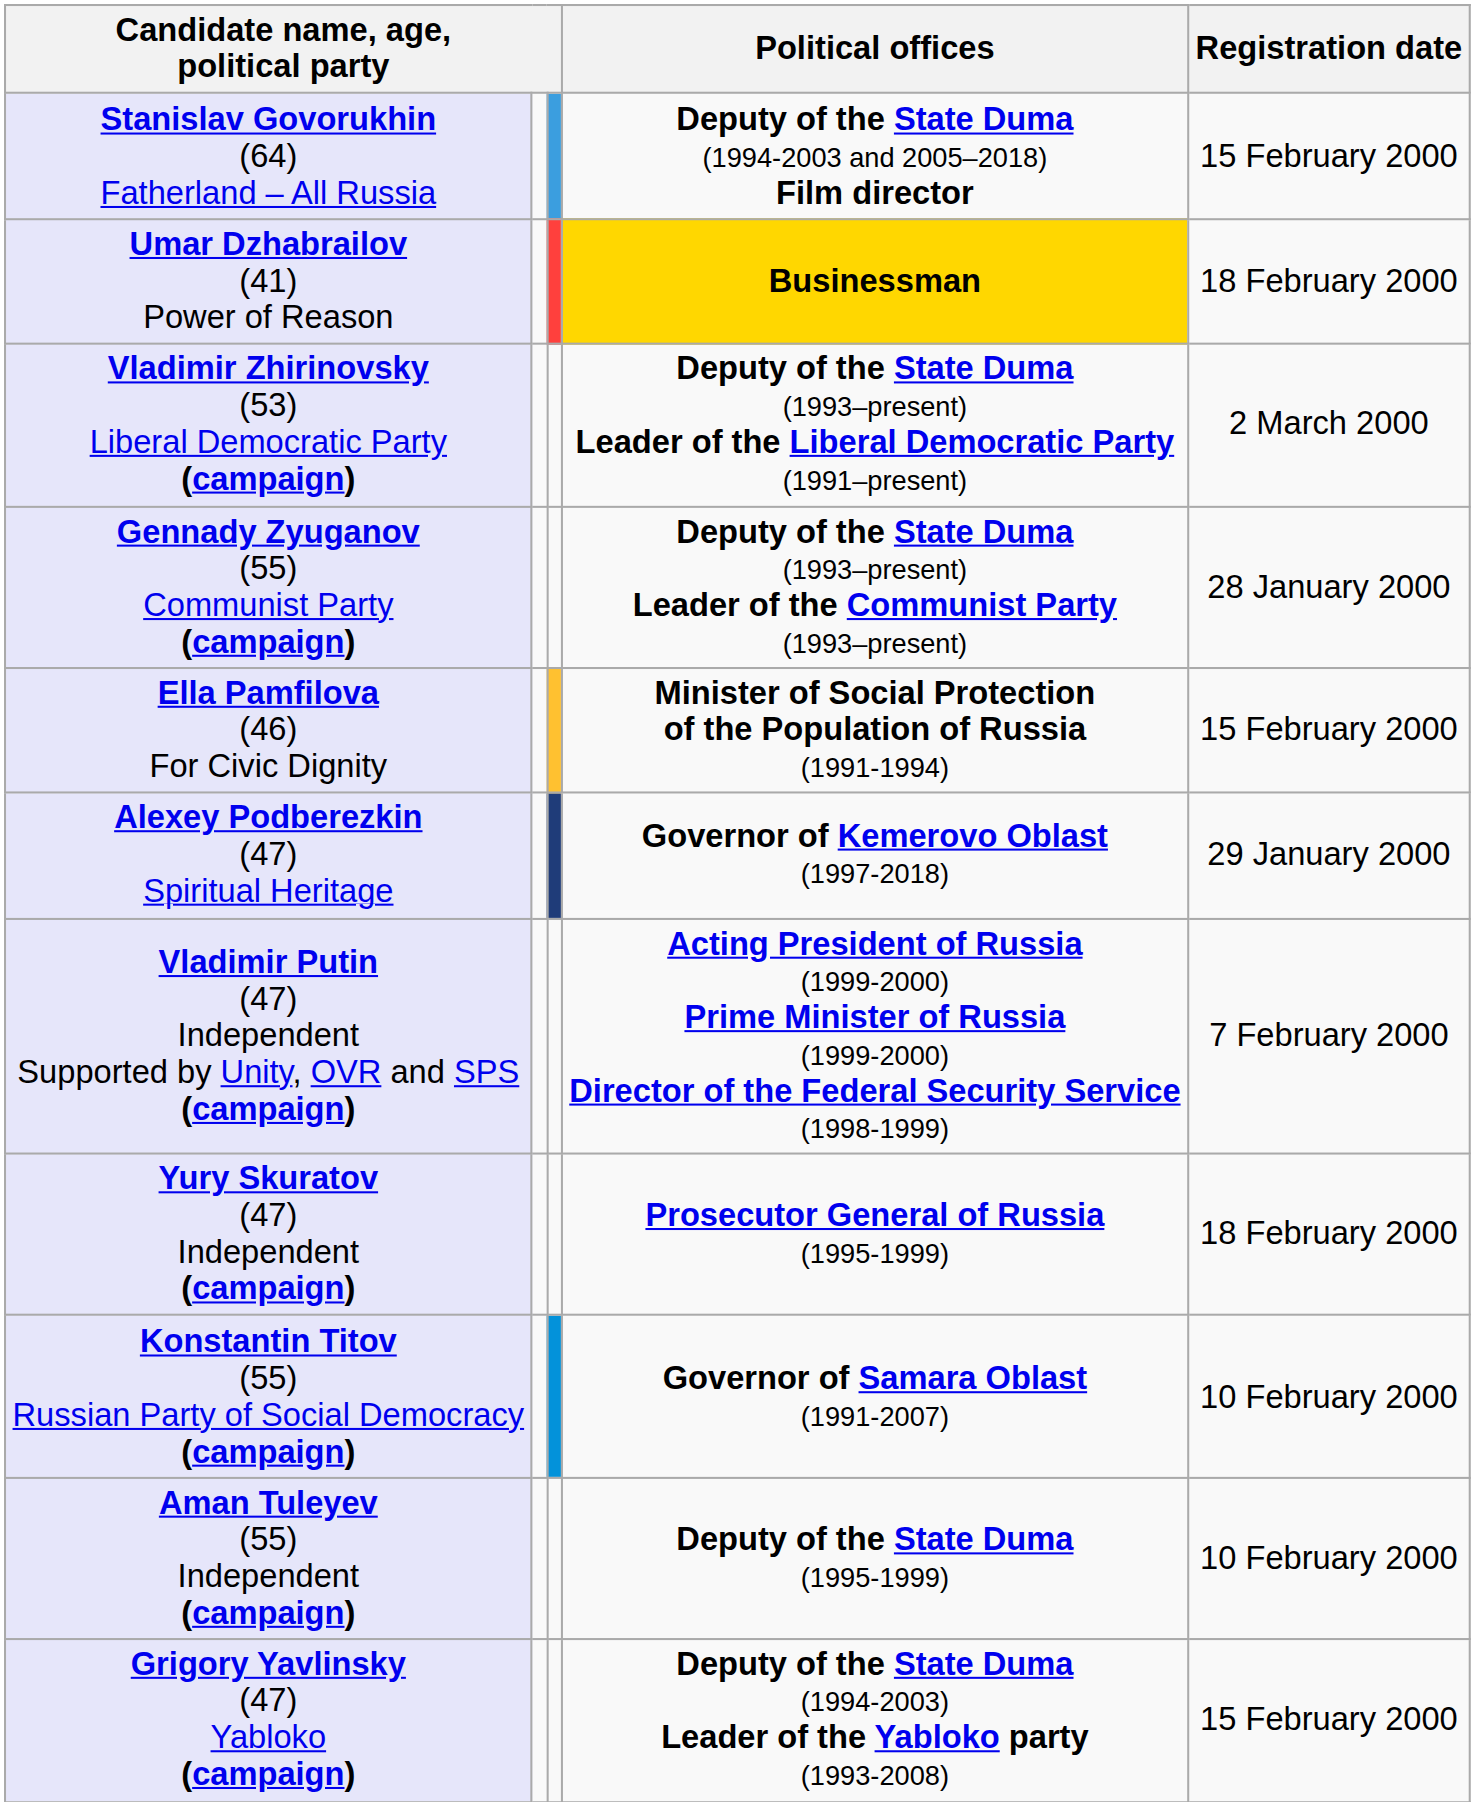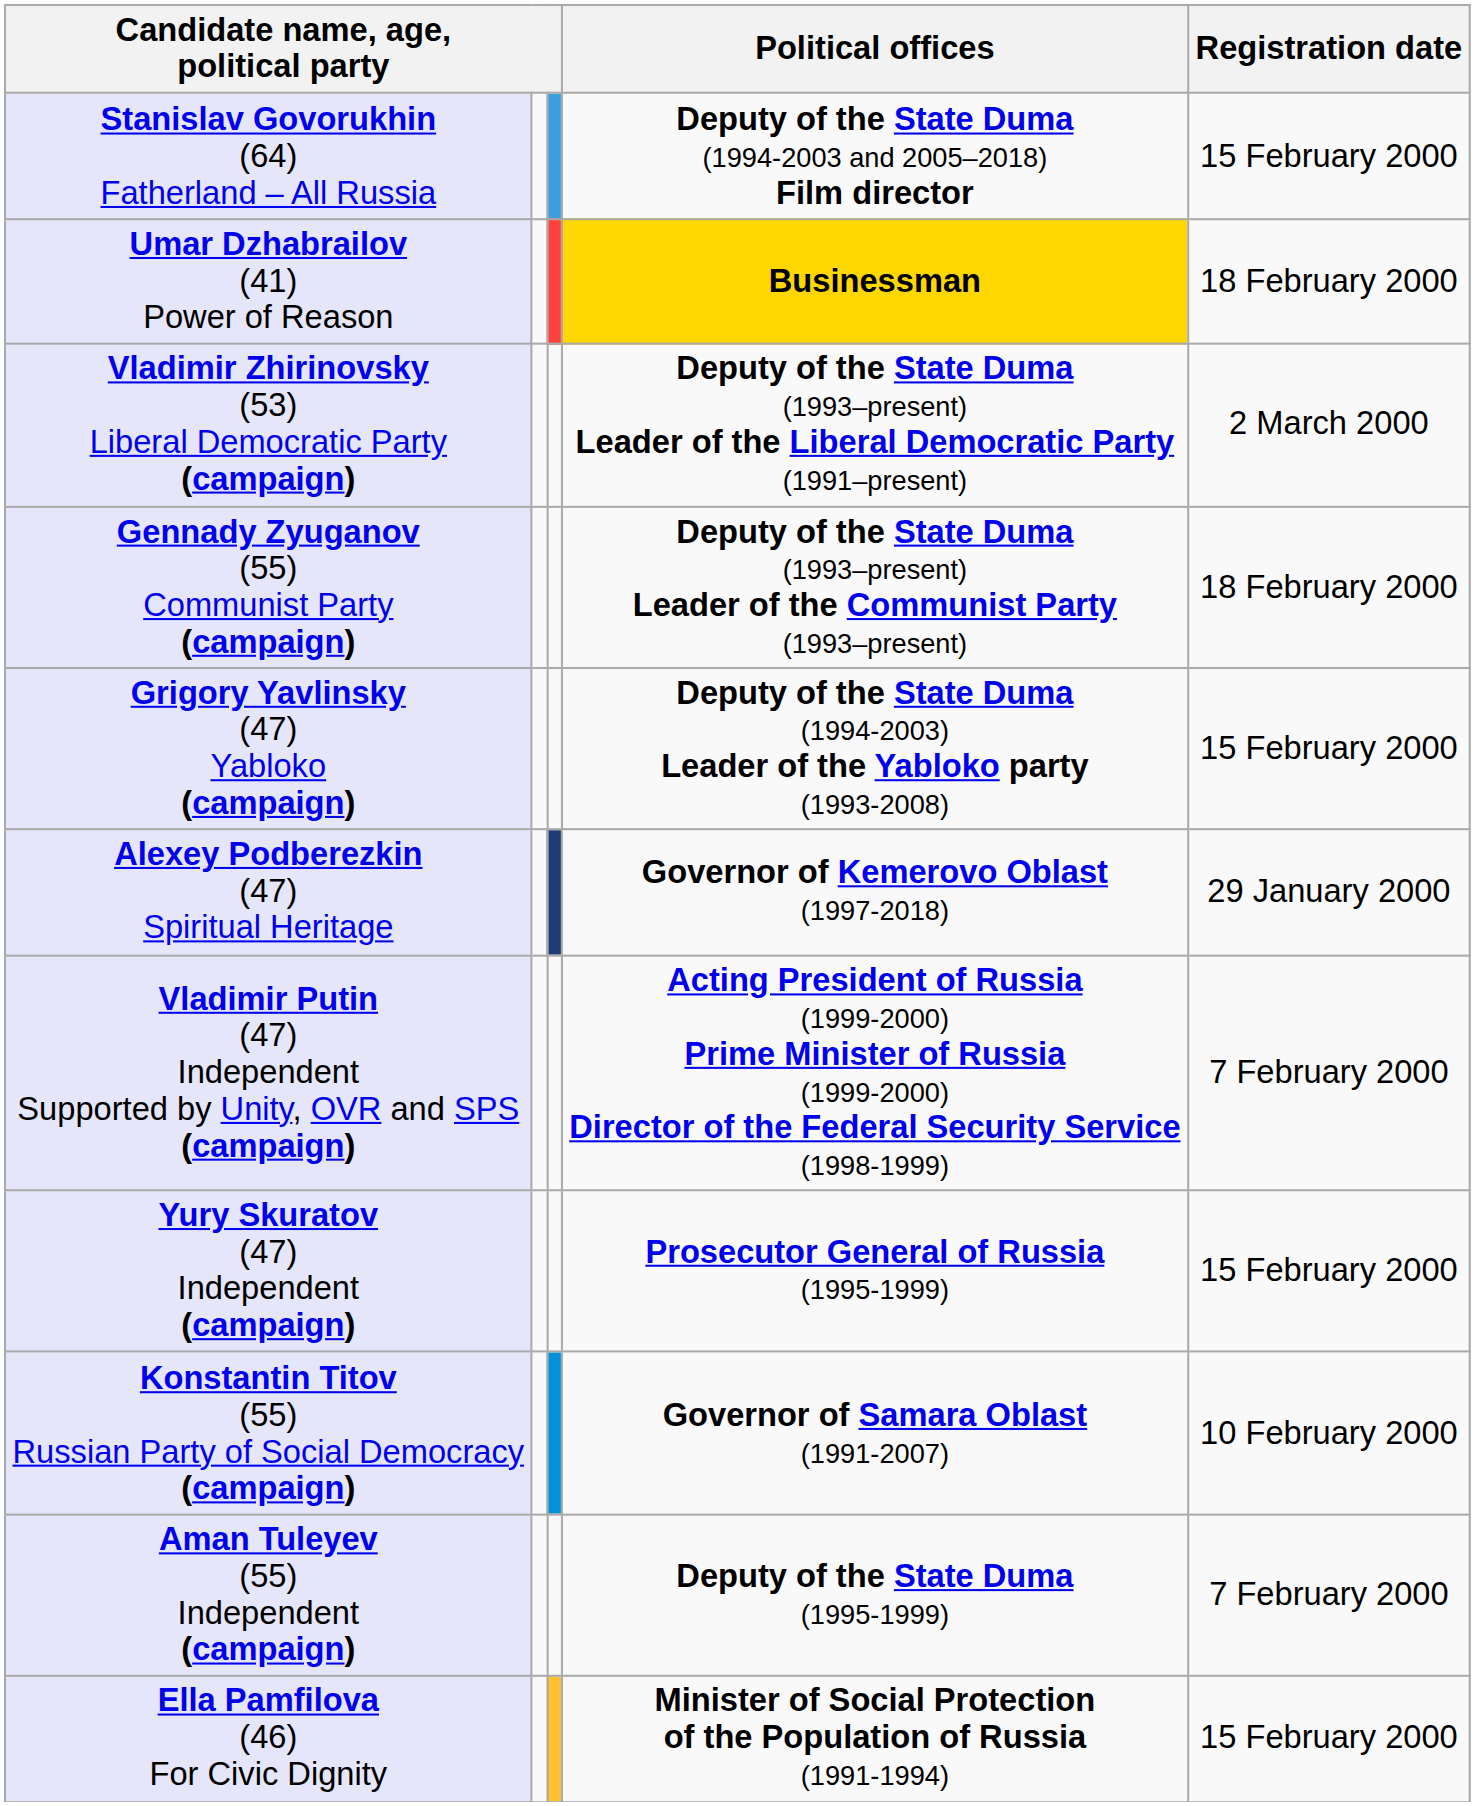 <table class="wikitable" style="text-align:center;">
 <tr>
 <th colspan="3">Candidate name, age,<br>political party</th>
 <th>Political offices</th>
 <th>Registration date</th>
 </tr>
 <tr>
 <td style="background:lavender;"><strong><a href='#'>Stanislav Govorukhin</a></strong><br>(64)<br><a href='#'>Fatherland – All Russia</a></td>
 <td></td>
 <td style="background-color:#3B9EDF;"></td>
 <td><strong>Deputy of the <a href='#'>State Duma</a></strong><br><small>(1994-2003 and 2005–2018)</small><br><strong>Film director</strong></td>
 <td>15 February 2000</td>
 </tr>
 <tr>
 <td style="background:lavender;"><strong><a href='#'>Umar Dzhabrailov</a></strong><br>(41)<br>Power of Reason</td>
 <td></td>
 <td style="background-color:#FF403D;"></td>
 <td style="background: gold;"><strong>Businessman</strong></td>
 <td>18 February 2000</td>
 </tr>
 <tr>
 <td style="background:lavender;"><strong><a href='#'>Vladimir Zhirinovsky</a></strong><br>(53)<br><a href='#'>Liberal Democratic Party</a><br><strong>(<a href='#'>campaign</a>)</strong></td>
 <td></td>
 <td style="background-color:"></td>
 <td><strong>Deputy of the <a href='#'>State Duma</a></strong><br><small>(1993–present)</small><br><strong>Leader of the <a href='#'>Liberal Democratic Party</a></strong><br><small>(1991–present)</small></td>
 <td>2 March 2000</td>
 </tr>
 <tr>
 <td style="background:lavender;"><strong><a href='#'>Gennady Zyuganov</a></strong><br>(55)<br><a href='#'>Communist Party</a><br><strong>(<a href='#'>campaign</a>)</strong></td>
 <td></td>
 <td style="background-color:"></td>
 <td><strong>Deputy of the <a href='#'>State Duma</a></strong><br><small>(1993–present)</small><br><strong>Leader of the <a href='#'>Communist Party</a></strong><br><small>(1993–present)</small></td>
-<td>28 January 2000</td>
+<td>18 February 2000</td>
 </tr>
 <tr>
-<td style="background:lavender;"><strong><a href='#'>Ella Pamfilova</a></strong><br>(46)<br>For Civic Dignity</td>
+<td style="background:lavender;"><strong><a href='#'>Grigory Yavlinsky</a></strong><br>(47)<br><a href='#'>Yabloko</a><br><strong>(<a href='#'>campaign</a>)</strong></td>
 <td></td>
-<td style="background-color:#FFC130;"></td>
-<td><strong>Minister of Social Protection<br>of the Population of Russia</strong><br><small>(1991-1994)</small></td>
+<td style="background-color:"></td>
+<td><strong>Deputy of the <a href='#'>State Duma</a></strong><br><small>(1994-2003)</small><br><strong>Leader of the <a href='#'>Yabloko</a> party</strong><br><small>(1993-2008)</small></td>
 <td>15 February 2000</td>
 </tr>
 <tr>
 <td style="background:lavender;"><strong><a href='#'>Alexey Podberezkin</a></strong><br>(47)<br><a href='#'>Spiritual Heritage</a></td>
 <td></td>
 <td style="background-color:#1F3C79;"></td>
 <td><strong>Governor of <a href='#'>Kemerovo Oblast</a></strong><br><small>(1997-2018)</small></td>
 <td>29 January 2000</td>
 </tr>
 <tr>
 <td style="background:lavender;"><strong><a href='#'>Vladimir Putin</a></strong><br>(47)<br>Independent<br>Supported by <a href='#'>Unity</a>, <a href='#'>OVR</a> and <a href='#'>SPS</a><br><strong>(<a href='#'>campaign</a>)</strong></td>
 <td></td>
 <td style="background-color:"></td>
 <td><strong><a href='#'>Acting President of Russia</a></strong><br><small>(1999-2000)</small><br><strong><a href='#'>Prime Minister of Russia</a></strong><br><small>(1999-2000)</small><br><strong><a href='#'>Director of the Federal Security Service</a></strong><br><small>(1998-1999)</small></td>
 <td>7 February 2000</td>
 </tr>
 <tr>
 <td style="background:lavender;"><strong><a href='#'>Yury Skuratov</a></strong><br>(47)<br>Independent<br><strong>(<a href='#'>campaign</a>)</strong></td>
 <td></td>
 <td style="background-color:"></td>
 <td><strong><a href='#'>Prosecutor General of Russia</a></strong><br><small>(1995-1999)</small></td>
-<td>18 February 2000</td>
+<td>15 February 2000</td>
 </tr>
 <tr>
 <td style="background:lavender;"><strong><a href='#'>Konstantin Titov</a></strong><br>(55)<br><a href='#'>Russian Party of Social Democracy</a><br><strong>(<a href='#'>campaign</a>)</strong></td>
 <td></td>
 <td style="background-color:#0392DA;"></td>
 <td><strong>Governor of <a href='#'>Samara Oblast</a></strong><br><small>(1991-2007)</small></td>
 <td>10 February 2000</td>
 </tr>
 <tr>
 <td style="background:lavender;"><strong><a href='#'>Aman Tuleyev</a></strong><br>(55)<br>Independent<br><strong>(<a href='#'>campaign</a>)</strong></td>
 <td></td>
 <td style="background-color:"></td>
 <td><strong>Deputy of the <a href='#'>State Duma</a></strong><br><small>(1995-1999)</small></td>
-<td>10 February 2000</td>
+<td>7 February 2000</td>
 </tr>
 <tr>
-<td style="background:lavender;"><strong><a href='#'>Grigory Yavlinsky</a></strong><br>(47)<br><a href='#'>Yabloko</a><br><strong>(<a href='#'>campaign</a>)</strong></td>
+<td style="background:lavender;"><strong><a href='#'>Ella Pamfilova</a></strong><br>(46)<br>For Civic Dignity</td>
 <td></td>
-<td style="background-color:"></td>
-<td><strong>Deputy of the <a href='#'>State Duma</a></strong><br><small>(1994-2003)</small><br><strong>Leader of the <a href='#'>Yabloko</a> party</strong><br><small>(1993-2008)</small></td>
+<td style="background-color:#FFC130;"></td>
+<td><strong>Minister of Social Protection<br>of the Population of Russia</strong><br><small>(1991-1994)</small></td>
 <td>15 February 2000</td>
 </tr>
 </table>
